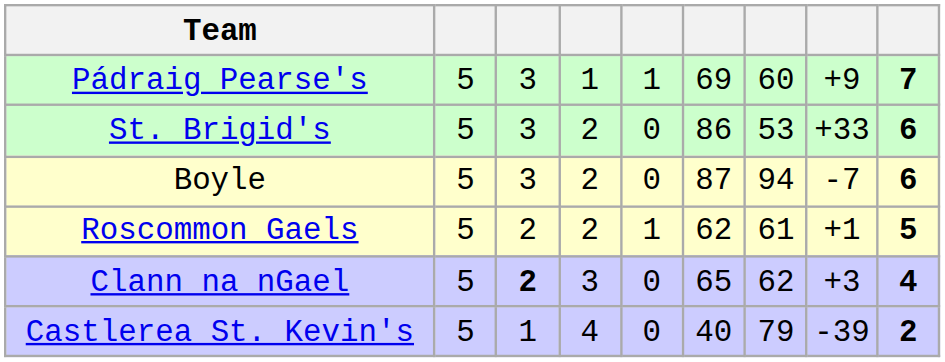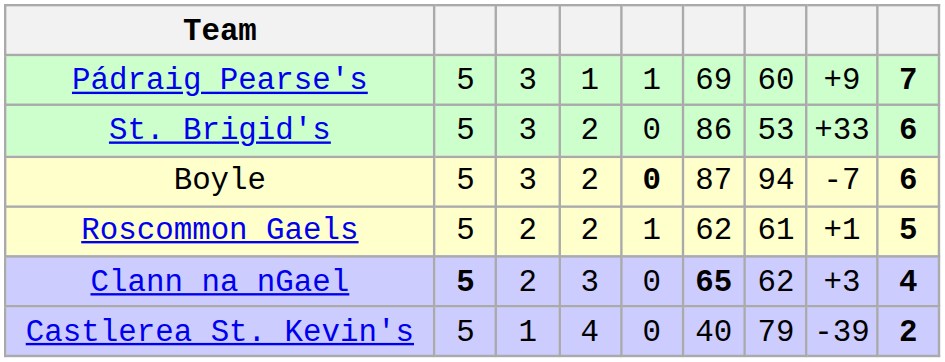 <table class="wikitable" style="text-align:center">
 <tr>
 <th style="width:175px;">Team</th>
 <th width="20"></th>
 <th width="20"></th>
 <th width="20"></th>
 <th width="20"></th>
 <th width="20"></th>
 <th width="20"></th>
 <th width="20"></th>
 <th width="20"></th>
 </tr>
 <tr style="background:#cfc;">
 <td><a href='#'>Pádraig Pearse's</a></td>
 <td>5</td>
 <td>3</td>
 <td>1</td>
 <td>1</td>
 <td>69</td>
 <td>60</td>
 <td>+9</td>
 <td><strong>7</strong></td>
 </tr>
 <tr style="background:#cfc;">
 <td><a href='#'>St. Brigid's</a></td>
 <td>5</td>
 <td>3</td>
 <td>2</td>
 <td>0</td>
 <td>86</td>
 <td>53</td>
 <td>+33</td>
 <td><strong>6</strong></td>
 </tr>
 <tr style="background:#ffc;">
 <td>Boyle</td>
 <td>5</td>
 <td>3</td>
 <td>2</td>
-<td>0</td>
+<td><strong>0</strong></td>
 <td>87</td>
 <td>94</td>
 <td>-7</td>
 <td><strong>6</strong></td>
 </tr>
 <tr style="background:#ffc;">
 <td><a href='#'>Roscommon Gaels</a></td>
 <td>5</td>
 <td>2</td>
 <td>2</td>
 <td>1</td>
 <td>62</td>
 <td>61</td>
 <td>+1</td>
 <td><strong>5</strong></td>
 </tr>
 <tr style="background:#ccf;">
 <td><a href='#'>Clann na nGael</a></td>
-<td>5</td>
-<td><strong>2</strong></td>
+<td><strong>5</strong></td>
+<td>2</td>
 <td>3</td>
 <td>0</td>
-<td>65</td>
+<td><strong>65</strong></td>
 <td>62</td>
 <td>+3</td>
 <td><strong>4</strong></td>
 </tr>
 <tr style="background:#ccf;">
 <td><a href='#'>Castlerea St. Kevin's</a></td>
 <td>5</td>
 <td>1</td>
 <td>4</td>
 <td>0</td>
 <td>40</td>
 <td>79</td>
 <td>-39</td>
 <td><strong>2</strong></td>
 </tr>
 </table>
